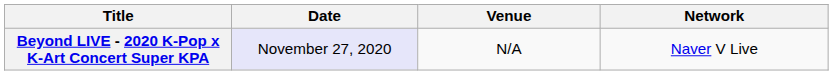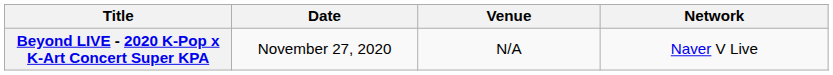 <table class="wikitable plainrowheaders" style="text-align:center;">
 <tr>
 <th scope="col" width="250">Title</th>
 <th scope="col" width="200">Date</th>
 <th scope="col" width="200">Venue</th>
 <th scope="col" width="250">Network</th>
 </tr>
 <tr>
 <th scope="row" rowspan="2" align=center><a href='#'>Beyond LIVE</a> - <a href='#'>2020 K-Pop x K-Art Concert Super KPA</a></th>
-<td style="background: lavender;">November 27, 2020</td>
+<td>November 27, 2020</td>
 <td>N/A</td>
 <td><a href='#'>Naver</a> V Live</td>
 </tr>
 </table>
